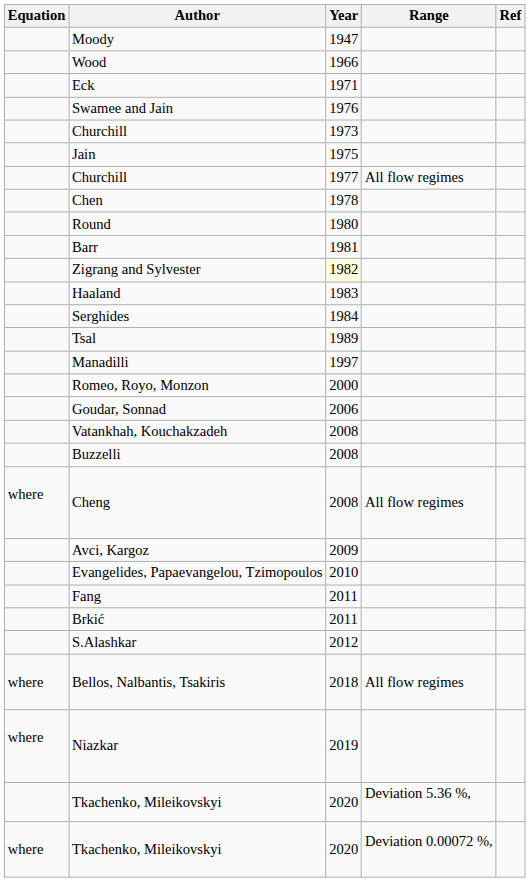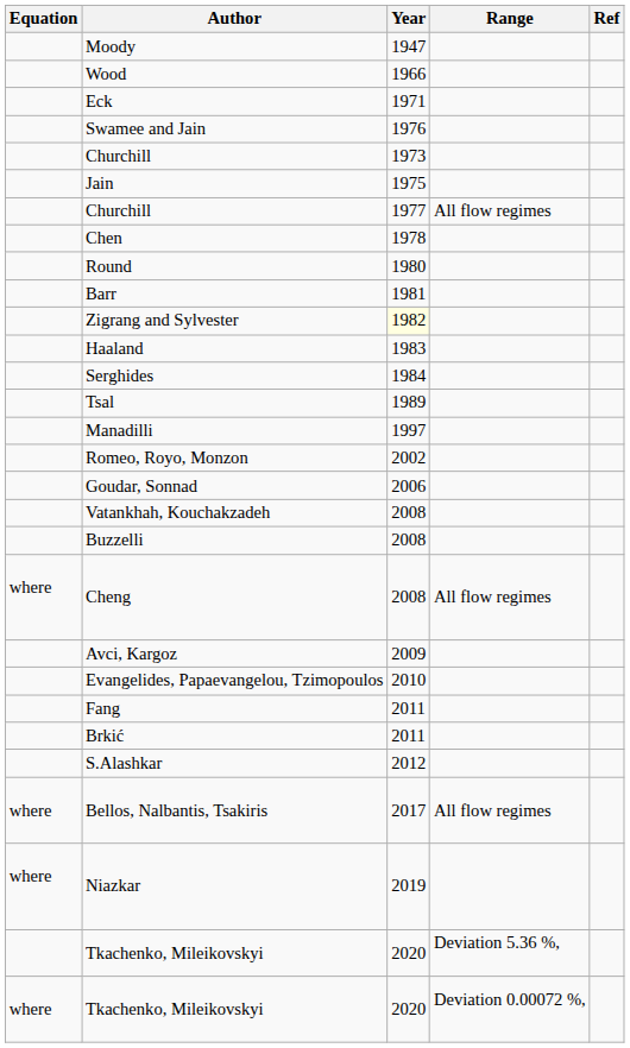 <table class="wikitable sortable" border="1">
 <tr>
 <th scope="col" class="unsortable">Equation</th>
 <th scope="col">Author</th>
 <th scope="col">Year</th>
 <th scope="col" class="unsortable">Range</th>
 <th scope="col" class="unsortable">Ref</th>
 </tr>
 <tr>
 <td><br></td>
 <td>Moody</td>
 <td>1947</td>
 <td><br></td>
 <td></td>
 </tr>
 <tr>
 <td><br></td>
 <td>Wood</td>
 <td>1966</td>
 <td><br></td>
 <td></td>
 </tr>
 <tr>
 <td><br></td>
 <td>Eck</td>
 <td>1971</td>
 <td></td>
 <td></td>
 </tr>
 <tr>
 <td><br></td>
 <td>Swamee and Jain</td>
 <td>1976</td>
 <td><br></td>
 <td></td>
 </tr>
 <tr>
 <td><br></td>
 <td>Churchill</td>
 <td>1973</td>
 <td></td>
 <td></td>
 </tr>
 <tr>
 <td><br></td>
 <td>Jain</td>
 <td>1975</td>
 <td></td>
 <td></td>
 </tr>
 <tr>
 <td><br></td>
 <td>Churchill</td>
 <td>1977</td>
 <td>All flow regimes</td>
 <td></td>
 </tr>
 <tr>
 <td><br></td>
 <td>Chen</td>
 <td>1978</td>
 <td></td>
 <td></td>
 </tr>
 <tr>
 <td><br></td>
 <td>Round</td>
 <td>1980</td>
 <td></td>
 <td></td>
 </tr>
 <tr>
 <td><br></td>
 <td>Barr</td>
 <td>1981</td>
 <td></td>
 <td></td>
 </tr>
 <tr>
 <td><br></td>
 <td>Zigrang and Sylvester</td>
 <td style="background: lightyellow;">1982</td>
 <td></td>
 <td></td>
 </tr>
 <tr>
 <td><br></td>
 <td>Haaland</td>
 <td>1983</td>
 <td></td>
 <td></td>
 </tr>
 <tr>
 <td><br></td>
 <td>Serghides</td>
 <td>1984</td>
 <td></td>
 <td></td>
 </tr>
 <tr>
 <td><br></td>
 <td>Tsal</td>
 <td>1989</td>
 <td></td>
 <td></td>
 </tr>
 <tr>
 <td><br></td>
 <td>Manadilli</td>
 <td>1997</td>
 <td><br></td>
 <td></td>
 </tr>
 <tr>
 <td><br></td>
 <td>Romeo, Royo, Monzon</td>
-<td>2000</td>
+<td>2002</td>
 <td></td>
 <td></td>
 </tr>
 <tr>
 <td><br></td>
 <td>Goudar, Sonnad</td>
 <td>2006</td>
 <td></td>
 <td></td>
 </tr>
 <tr>
 <td><br></td>
 <td>Vatankhah, Kouchakzadeh</td>
 <td>2008</td>
 <td></td>
 <td></td>
 </tr>
 <tr>
 <td><br></td>
 <td>Buzzelli</td>
 <td>2008</td>
 <td></td>
 <td></td>
 </tr>
 <tr>
 <td><br>where<br><br> <br></td>
 <td>Cheng</td>
 <td>2008</td>
 <td>All flow regimes</td>
 <td></td>
 </tr>
 <tr>
 <td><br></td>
 <td>Avci, Kargoz</td>
 <td>2009</td>
 <td></td>
 <td></td>
 </tr>
 <tr>
 <td><br></td>
 <td>Evangelides, Papaevangelou, Tzimopoulos</td>
 <td>2010</td>
 <td></td>
 <td></td>
 </tr>
 <tr>
 <td><br></td>
 <td>Fang</td>
 <td>2011</td>
 <td></td>
 <td></td>
 </tr>
 <tr>
 <td><br></td>
 <td>Brkić</td>
 <td>2011</td>
 <td></td>
 <td></td>
 </tr>
 <tr>
 <td><br></td>
 <td>S.Alashkar</td>
 <td>2012</td>
 <td></td>
 <td></td>
 </tr>
 <tr>
 <td><br>where<br><br></td>
 <td>Bellos, Nalbantis, Tsakiris</td>
-<td>2018</td>
+<td>2017</td>
 <td>All flow regimes</td>
 <td></td>
 </tr>
 <tr>
 <td><br>where<br><br><br></td>
 <td>Niazkar</td>
 <td>2019</td>
 <td></td>
 <td></td>
 </tr>
 <tr>
 <td></td>
 <td>Tkachenko, Mileikovskyi</td>
 <td>2020</td>
 <td>Deviation 5.36 %,<br><br></td>
 <td></td>
 </tr>
 <tr>
 <td><br>where<br><br></td>
 <td>Tkachenko, Mileikovskyi</td>
 <td>2020</td>
 <td>Deviation 0.00072 %,<br><br></td>
 <td></td>
 </tr>
 </table>
